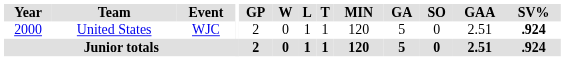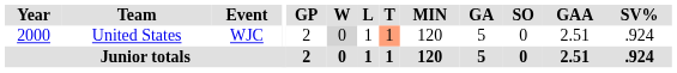 <table border="0" cellpadding="1" cellspacing="0" ID="Table3" style="text-align:center; width:40em">
 <tr ALIGN="center" bgcolor="#e0e0e0">
 <th>Year</th>
 <th>Team</th>
 <th>Event</th>
 <th rowspan="99" bgcolor="#ffffff"></th>
 <th>GP</th>
 <th>W</th>
 <th>L</th>
 <th>T</th>
 <th>MIN</th>
 <th>GA</th>
 <th>SO</th>
 <th>GAA</th>
 <th>SV%</th>
 </tr>
 <tr>
 <td><a href='#'>2000</a></td>
 <td><a href='#'>United States</a></td>
 <td><a href='#'>WJC</a></td>
 <td>2</td>
-<td>0</td>
+<td style="background: lightgrey;">0</td>
 <td>1</td>
-<td>1</td>
+<td style="background: lightsalmon;">1</td>
 <td>120</td>
 <td>5</td>
 <td>0</td>
 <td>2.51</td>
-<td><strong>.924</strong></td>
+<td>.924</td>
 </tr>
 <tr bgcolor="#e0e0e0">
 <th colspan=4>Junior totals</th>
 <th>2</th>
 <th>0</th>
 <th>1</th>
 <th>1</th>
 <th>120</th>
 <th>5</th>
 <th>0</th>
 <th>2.51</th>
 <th>.924</th>
 </tr>
 </table>
